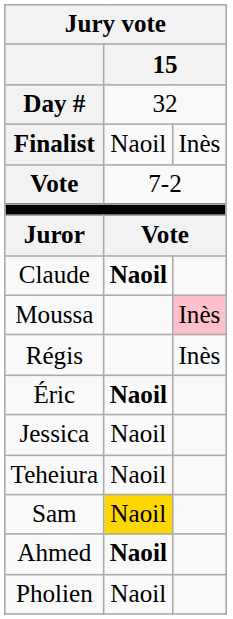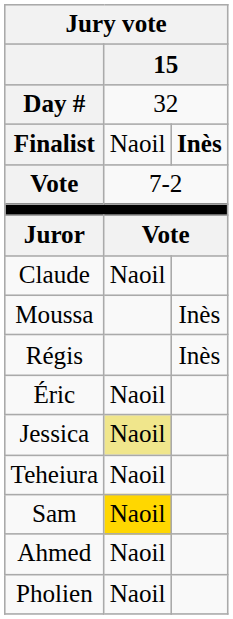 <table class="wikitable" style="text-align:center;">
 <tr>
 <th colspan=3>Jury vote</th>
 </tr>
 <tr>
 <th></th>
 <th colspan="2">15</th>
 </tr>
 <tr>
 <th>Day #</th>
 <td colspan="2">32</td>
 </tr>
 <tr>
 <th>Finalist</th>
 <td>Naoil</td>
-<td>Inès</td>
+<td><strong>Inès</strong></td>
 </tr>
 <tr>
 <th>Vote</th>
 <td colspan=2>7-2</td>
 </tr>
 <tr>
 <td colspan=13 bgcolor=black></td>
 </tr>
 <tr>
 <th>Juror</th>
 <th colspan=2>Vote</th>
 </tr>
 <tr>
 <td>Claude</td>
-<td><strong>Naoil</strong></td>
+<td>Naoil</td>
 <td></td>
 </tr>
 <tr>
 <td>Moussa</td>
 <td></td>
-<td style="background: pink;">Inès</td>
+<td>Inès</td>
 </tr>
 <tr>
 <td>Régis</td>
 <td></td>
 <td>Inès</td>
 </tr>
 <tr>
 <td>Éric</td>
-<td><strong>Naoil</strong></td>
+<td>Naoil</td>
 <td></td>
 </tr>
 <tr>
 <td>Jessica</td>
-<td>Naoil</td>
+<td style="background: khaki;">Naoil</td>
 <td></td>
 </tr>
 <tr>
 <td>Teheiura</td>
 <td>Naoil</td>
 <td></td>
 </tr>
 <tr>
 <td>Sam</td>
 <td style="background: gold;">Naoil</td>
 <td></td>
 </tr>
 <tr>
 <td>Ahmed</td>
-<td><strong>Naoil</strong></td>
+<td>Naoil</td>
 <td></td>
 </tr>
 <tr>
 <td>Pholien</td>
 <td>Naoil</td>
 <td></td>
 </tr>
 </table>
